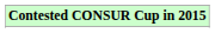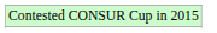 <table class="wikitable">
 <tr>
 </tr>
 <tr width=10px bgcolor=ccffcc>
-<td><strong>Contested CONSUR Cup in 2015</strong></td>
+<td>Contested CONSUR Cup in 2015</td>
 </tr>
 <tr width=10px bgcolor="#ffcccc">
 </tr>
 <tr>
 </tr>
 </table>
